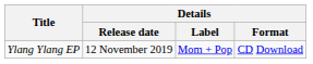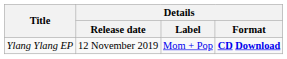 <table class="wikitable">
 <tr>
 <th rowspan="2">Title</th>
 <th colspan="3">Details</th>
 </tr>
 <tr>
 <th>Release date</th>
 <th>Label</th>
 <th>Format</th>
 </tr>
 <tr>
 <td><em>Ylang Ylang EP</em></td>
 <td>12 November 2019</td>
 <td><a href='#'>Mom + Pop</a></td>
-<td><a href='#'>CD</a> <a href='#'>Download</a></td>
+<td><strong><a href='#'>CD</a> <a href='#'>Download</a></strong></td>
 </tr>
 </table>
